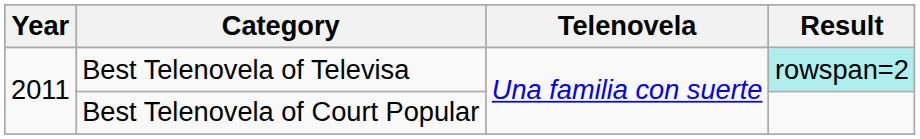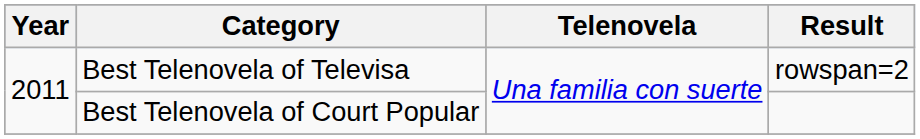 <table class="wikitable">
 <tr style="background:#b0c4de;">
 <th>Year</th>
 <th>Category</th>
 <th>Telenovela</th>
 <th>Result</th>
 </tr>
 <tr>
 <td rowspan="2">2011</td>
 <td>Best Telenovela of Televisa</td>
 <td rowspan=2><em><a href='#'>Una familia con suerte</a></em></td>
-<td style="background: paleturquoise;">rowspan=2 </td>
+<td>rowspan=2 </td>
 </tr>
 <tr>
 <td>Best Telenovela of Court Popular</td>
 </tr>
 </table>
